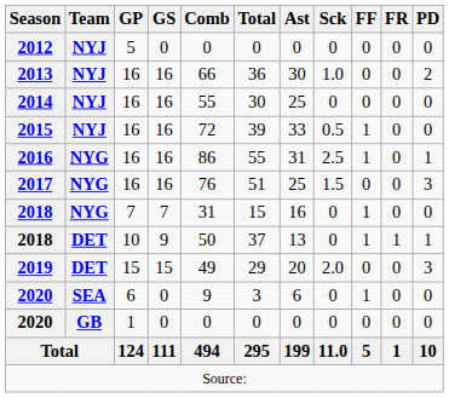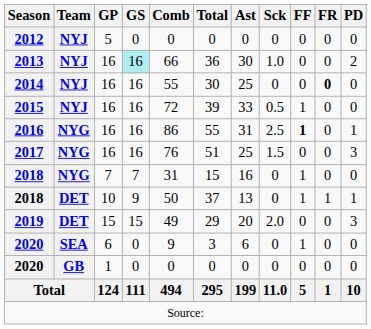 <table class=wikitable style="text-align:center;">
 <tr>
 <th>Season</th>
 <th>Team</th>
 <th>GP</th>
 <th>GS</th>
 <th>Comb</th>
 <th>Total</th>
 <th>Ast</th>
 <th>Sck</th>
 <th>FF</th>
 <th>FR</th>
 <th>PD</th>
 </tr>
 <tr>
 <th><a href='#'>2012</a></th>
 <th><a href='#'>NYJ</a></th>
 <td>5</td>
 <td>0</td>
 <td>0</td>
 <td>0</td>
 <td>0</td>
 <td>0</td>
 <td>0</td>
 <td>0</td>
 <td>0</td>
 </tr>
 <tr>
 <th><a href='#'>2013</a></th>
 <th><a href='#'>NYJ</a></th>
 <td>16</td>
-<td>16</td>
+<td style="background: paleturquoise;">16</td>
 <td>66</td>
 <td>36</td>
 <td>30</td>
 <td>1.0</td>
 <td>0</td>
 <td>0</td>
 <td>2</td>
 </tr>
 <tr>
 <th><a href='#'>2014</a></th>
 <th><a href='#'>NYJ</a></th>
 <td>16</td>
 <td>16</td>
 <td>55</td>
 <td>30</td>
 <td>25</td>
 <td>0</td>
 <td>0</td>
-<td>0</td>
+<td><strong>0</strong></td>
 <td>0</td>
 </tr>
 <tr>
 <th><a href='#'>2015</a></th>
 <th><a href='#'>NYJ</a></th>
 <td>16</td>
 <td>16</td>
 <td>72</td>
 <td>39</td>
 <td>33</td>
 <td>0.5</td>
 <td>1</td>
 <td>0</td>
 <td>0</td>
 </tr>
 <tr>
 <th><a href='#'>2016</a></th>
 <th><a href='#'>NYG</a></th>
 <td>16</td>
 <td>16</td>
 <td>86</td>
 <td>55</td>
 <td>31</td>
 <td>2.5</td>
-<td>1</td>
+<td><strong>1</strong></td>
 <td>0</td>
 <td>1</td>
 </tr>
 <tr>
 <th><a href='#'>2017</a></th>
 <th><a href='#'>NYG</a></th>
 <td>16</td>
 <td>16</td>
 <td>76</td>
 <td>51</td>
 <td>25</td>
 <td>1.5</td>
 <td>0</td>
 <td>0</td>
 <td>3</td>
 </tr>
 <tr>
 <th><a href='#'>2018</a></th>
 <th><a href='#'>NYG</a></th>
 <td>7</td>
 <td>7</td>
 <td>31</td>
 <td>15</td>
 <td>16</td>
 <td>0</td>
 <td>1</td>
 <td>0</td>
 <td>0</td>
 </tr>
 <tr>
 <th>2018</th>
 <th><a href='#'>DET</a></th>
 <td>10</td>
 <td>9</td>
 <td>50</td>
 <td>37</td>
 <td>13</td>
 <td>0</td>
 <td>1</td>
 <td>1</td>
 <td>1</td>
 </tr>
 <tr>
 <th><a href='#'>2019</a></th>
 <th><a href='#'>DET</a></th>
 <td>15</td>
 <td>15</td>
 <td>49</td>
 <td>29</td>
 <td>20</td>
 <td>2.0</td>
 <td>0</td>
 <td>0</td>
 <td>3</td>
 </tr>
 <tr>
 <th><a href='#'>2020</a></th>
 <th><a href='#'>SEA</a></th>
 <td>6</td>
 <td>0</td>
 <td>9</td>
 <td>3</td>
 <td>6</td>
 <td>0</td>
 <td>1</td>
 <td>0</td>
 <td>0</td>
 </tr>
 <tr>
 <th>2020</th>
 <th><a href='#'>GB</a></th>
 <td>1</td>
 <td>0</td>
 <td>0</td>
 <td>0</td>
 <td>0</td>
 <td>0</td>
 <td>0</td>
 <td>0</td>
 <td>0</td>
 </tr>
 <tr>
 <th colspan="2">Total</th>
 <th>124</th>
 <th>111</th>
 <th>494</th>
 <th>295</th>
 <th>199</th>
 <th>11.0</th>
 <th>5</th>
 <th>1</th>
 <th>10</th>
 </tr>
 <tr>
 <td colspan="16"><small>Source: </small></td>
 </tr>
 </table>
